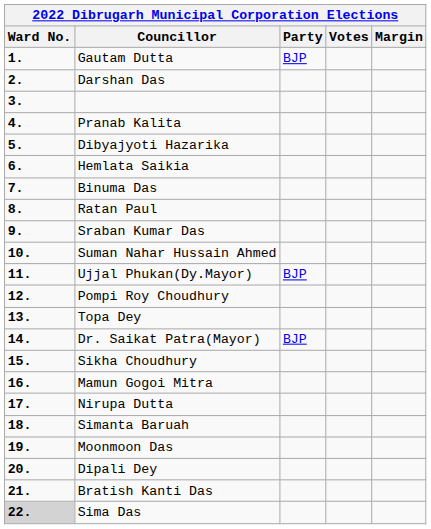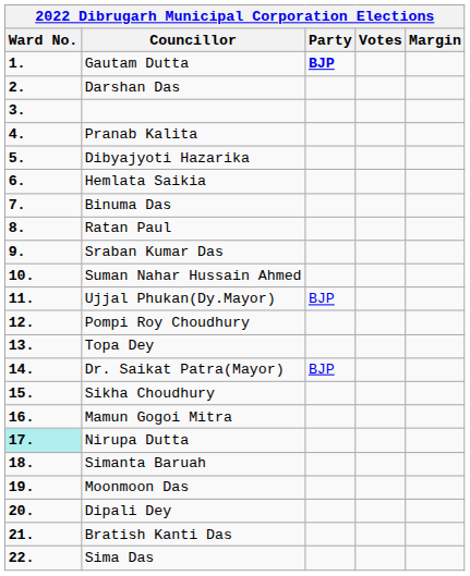 <table class="wikitable sortable">
 <tr>
 <th colspan="5"><a href='#'>2022 Dibrugarh Municipal Corporation Elections</a></th>
 </tr>
 <tr>
 <th>Ward No.</th>
 <th>Councillor</th>
 <th>Party</th>
 <th>Votes</th>
 <th>Margin</th>
 </tr>
 <tr>
 <td><strong>1.</strong></td>
 <td>Gautam Dutta</td>
-<td><a href='#'>BJP</a></td>
+<td><strong><a href='#'>BJP</a></strong></td>
 <td></td>
 <td></td>
 </tr>
 <tr>
 <td><strong>2.</strong></td>
 <td>Darshan Das</td>
 <td></td>
 <td></td>
 <td></td>
 </tr>
 <tr>
 <td><strong>3.</strong></td>
 <td></td>
 <td></td>
 <td></td>
 <td></td>
 </tr>
 <tr>
 <td><strong>4.</strong></td>
 <td>Pranab Kalita</td>
 <td></td>
 <td></td>
 <td></td>
 </tr>
 <tr>
 <td><strong>5.</strong></td>
 <td>Dibyajyoti Hazarika</td>
 <td></td>
 <td></td>
 <td></td>
 </tr>
 <tr>
 <td><strong>6.</strong></td>
 <td>Hemlata Saikia</td>
 <td></td>
 <td></td>
 <td></td>
 </tr>
 <tr>
 <td><strong>7.</strong></td>
 <td>Binuma Das</td>
 <td></td>
 <td></td>
 <td></td>
 </tr>
 <tr>
 <td><strong>8.</strong></td>
 <td>Ratan Paul</td>
 <td></td>
 <td></td>
 <td></td>
 </tr>
 <tr>
 <td><strong>9.</strong></td>
 <td>Sraban Kumar Das</td>
 <td></td>
 <td></td>
 <td></td>
 </tr>
 <tr>
 <td><strong>10.</strong></td>
 <td>Suman Nahar Hussain Ahmed</td>
 <td></td>
 <td></td>
 <td></td>
 </tr>
 <tr>
 <td><strong>11.</strong></td>
 <td>Ujjal Phukan(Dy.Mayor)</td>
 <td><a href='#'>BJP</a></td>
 <td></td>
 <td></td>
 </tr>
 <tr>
 <td><strong>12.</strong></td>
 <td>Pompi Roy Choudhury</td>
 <td></td>
 <td></td>
 <td></td>
 </tr>
 <tr>
 <td><strong>13.</strong></td>
 <td>Topa Dey</td>
 <td></td>
 <td></td>
 <td></td>
 </tr>
 <tr>
 <td><strong>14.</strong></td>
 <td>Dr. Saikat Patra(Mayor)</td>
 <td><a href='#'>BJP</a></td>
 <td></td>
 <td></td>
 </tr>
 <tr>
 <td><strong>15.</strong></td>
 <td>Sikha Choudhury</td>
 <td></td>
 <td></td>
 <td></td>
 </tr>
 <tr>
 <td><strong>16.</strong></td>
 <td>Mamun Gogoi Mitra</td>
 <td></td>
 <td></td>
 <td></td>
 </tr>
 <tr>
-<td><strong>17.</strong></td>
+<td style="background: paleturquoise;"><strong>17.</strong></td>
 <td>Nirupa Dutta</td>
 <td></td>
 <td></td>
 <td></td>
 </tr>
 <tr>
 <td><strong>18.</strong></td>
 <td>Simanta Baruah</td>
 <td></td>
 <td></td>
 <td></td>
 </tr>
 <tr>
 <td><strong>19.</strong></td>
 <td>Moonmoon Das</td>
 <td></td>
 <td></td>
 <td></td>
 </tr>
 <tr>
 <td><strong>20.</strong></td>
 <td>Dipali Dey</td>
 <td></td>
 <td></td>
 <td></td>
 </tr>
 <tr>
 <td><strong>21.</strong></td>
 <td>Bratish Kanti Das</td>
 <td></td>
 <td></td>
 <td></td>
 </tr>
 <tr>
-<td style="background: lightgrey;"><strong>22.</strong></td>
+<td><strong>22.</strong></td>
 <td>Sima Das</td>
 <td></td>
 <td></td>
 <td></td>
 </tr>
 </table>
